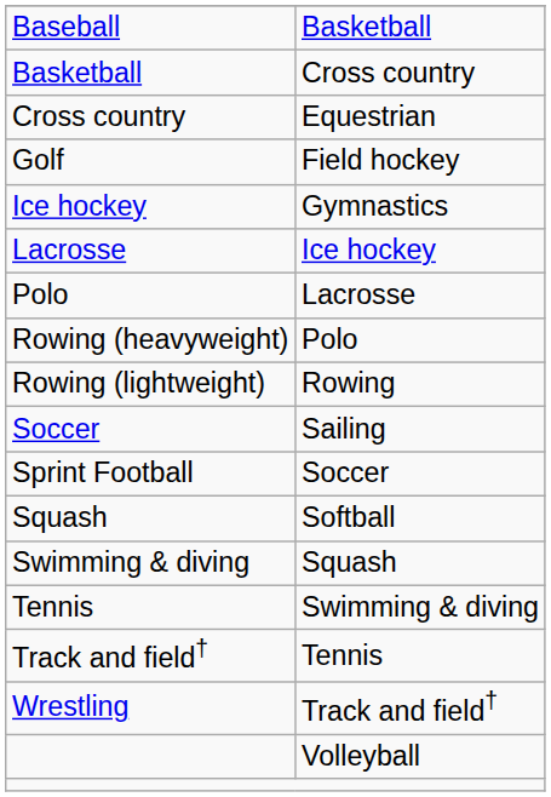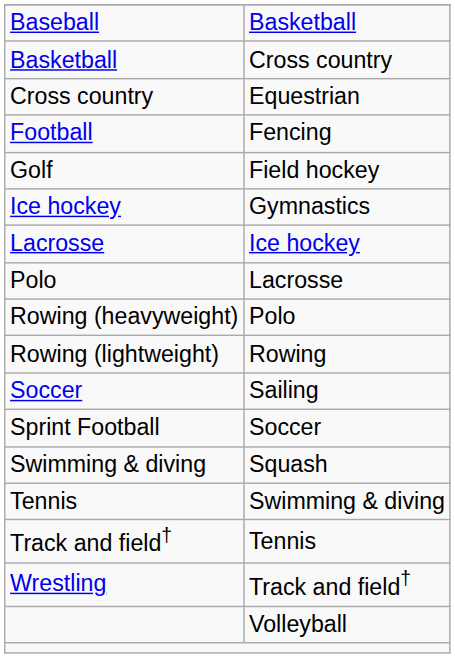 <table class="wikitable" style= " ">
 <tr>
 </tr>
 <tr>
 <td><a href='#'>Baseball</a></td>
 <td><a href='#'>Basketball</a></td>
 </tr>
 <tr>
 <td><a href='#'>Basketball</a></td>
 <td>Cross country</td>
 </tr>
 <tr>
 <td>Cross country</td>
 <td>Equestrian</td>
+</tr>
+<tr>
+<td><a href='#'>Football</a></td>
+<td>Fencing</td>
 </tr>
 <tr>
 <td>Golf</td>
 <td>Field hockey</td>
 </tr>
 <tr>
 <td><a href='#'>Ice hockey</a></td>
 <td>Gymnastics</td>
 </tr>
 <tr>
 <td><a href='#'>Lacrosse</a></td>
 <td><a href='#'>Ice hockey</a></td>
 </tr>
 <tr>
 <td>Polo</td>
 <td>Lacrosse</td>
 </tr>
 <tr>
 <td>Rowing (heavyweight)</td>
 <td>Polo</td>
 </tr>
 <tr>
 <td>Rowing (lightweight)</td>
 <td>Rowing</td>
 </tr>
 <tr>
 <td><a href='#'>Soccer</a></td>
 <td>Sailing</td>
 </tr>
 <tr>
 <td>Sprint Football</td>
 <td>Soccer</td>
 </tr>
 <tr>
-<td>Squash</td>
-<td>Softball</td>
-</tr>
-<tr>
 <td>Swimming & diving</td>
 <td>Squash</td>
 </tr>
 <tr>
 <td>Tennis</td>
 <td>Swimming & diving</td>
 </tr>
 <tr>
 <td>Track and field<sup>†</sup></td>
 <td>Tennis</td>
 </tr>
 <tr>
 <td><a href='#'>Wrestling</a></td>
 <td>Track and field<sup>†</sup></td>
 </tr>
 <tr>
 <td></td>
 <td>Volleyball</td>
 </tr>
 <tr>
 <td colspan="2"></td>
 </tr>
 </table>
